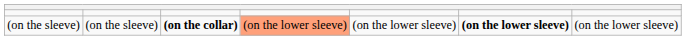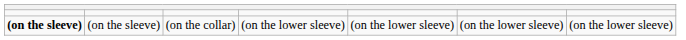 <table class="wikitable" style="text-align:center;">
 <tr>
 <th colspan=7></th>
 </tr>
 <tr>
 <td></td>
 <td></td>
 <td></td>
 <td></td>
 <td></td>
 <td></td>
 <td></td>
 </tr>
 <tr>
+<td><strong> (on the sleeve)</strong></td>
 <td> (on the sleeve)</td>
-<td> (on the sleeve)</td>
-<td><strong> (on the collar)</strong></td>
-<td style="background: lightsalmon;"> (on the lower sleeve)</td>
+<td> (on the collar)</td>
 <td> (on the lower sleeve)</td>
-<td><strong> (on the lower sleeve)</strong></td>
+<td> (on the lower sleeve)</td>
+<td> (on the lower sleeve)</td>
 <td> (on the lower sleeve)</td>
 </tr>
 </table>
